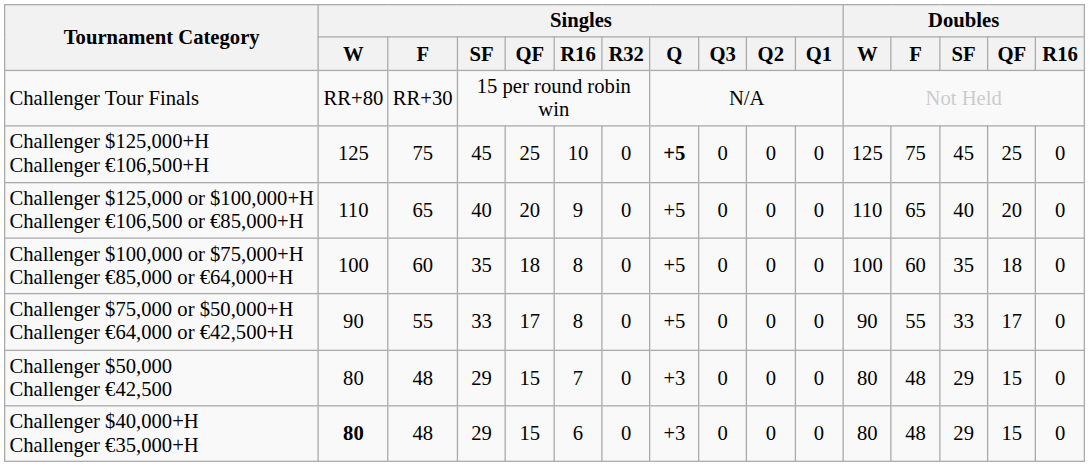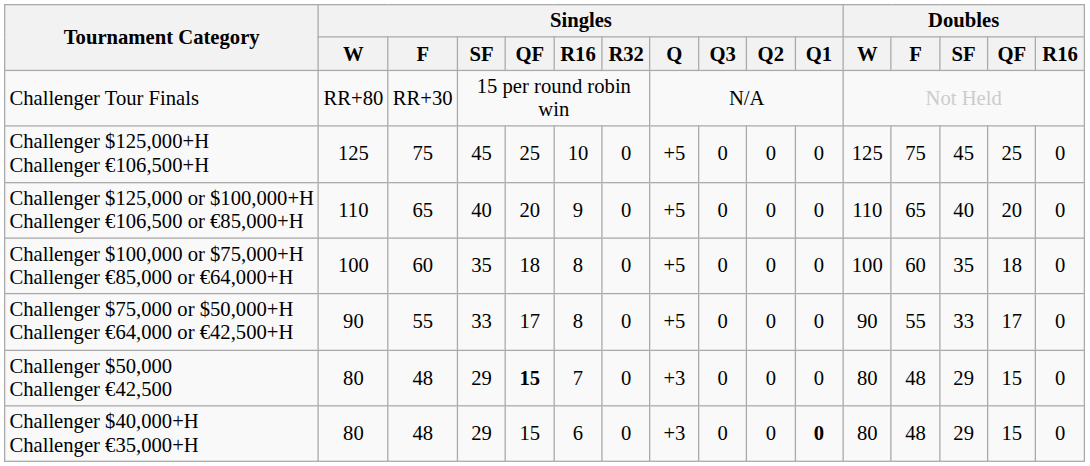 <table class="wikitable" style=text-align:center;>
 <tr>
 <th rowspan=2 align=center>Tournament Category</th>
 <th colspan=10 align=center>Singles</th>
 <th colspan=5 align=center>Doubles</th>
 </tr>
 <tr>
 <th !width=30>W</th>
 <th width=30>F</th>
 <th width=30>SF</th>
 <th width=30>QF</th>
 <th width=30>R16</th>
 <th width=30>R32</th>
 <th width=30>Q</th>
 <th width=30>Q3</th>
 <th width=30>Q2</th>
 <th width=30>Q1</th>
 <th width=30>W</th>
 <th width=30>F</th>
 <th width=30>SF</th>
 <th width=30>QF</th>
 <th width=30>R16</th>
 </tr>
 <tr>
 <td align=left>Challenger Tour Finals</td>
 <td>RR+80</td>
 <td>RR+30</td>
 <td colspan=4 align=center>15 per round robin win</td>
 <td colspan=4 align=center>N/A</td>
 <td colspan=5 align=center style=color:#ccc>Not Held</td>
 </tr>
 <tr>
 <td align=left>Challenger $125,000+H <br>Challenger €106,500+H</td>
 <td>125</td>
 <td>75</td>
 <td>45</td>
 <td>25</td>
 <td>10</td>
 <td>0</td>
-<td><strong>+5</strong></td>
+<td>+5</td>
 <td>0</td>
 <td>0</td>
 <td>0</td>
 <td>125</td>
 <td>75</td>
 <td>45</td>
 <td>25</td>
 <td>0</td>
 </tr>
 <tr>
 <td align=left>Challenger $125,000 or $100,000+H<br>Challenger €106,500 or €85,000+H</td>
 <td>110</td>
 <td>65</td>
 <td>40</td>
 <td>20</td>
 <td>9</td>
 <td>0</td>
 <td>+5</td>
 <td>0</td>
 <td>0</td>
 <td>0</td>
 <td>110</td>
 <td>65</td>
 <td>40</td>
 <td>20</td>
 <td>0</td>
 </tr>
 <tr>
 <td align=left>Challenger $100,000 or $75,000+H<br>Challenger €85,000 or €64,000+H</td>
 <td>100</td>
 <td>60</td>
 <td>35</td>
 <td>18</td>
 <td>8</td>
 <td>0</td>
 <td>+5</td>
 <td>0</td>
 <td>0</td>
 <td>0</td>
 <td>100</td>
 <td>60</td>
 <td>35</td>
 <td>18</td>
 <td>0</td>
 </tr>
 <tr>
 <td align=left>Challenger $75,000 or $50,000+H<br>Challenger €64,000 or €42,500+H</td>
 <td>90</td>
 <td>55</td>
 <td>33</td>
 <td>17</td>
 <td>8</td>
 <td>0</td>
 <td>+5</td>
 <td>0</td>
 <td>0</td>
 <td>0</td>
 <td>90</td>
 <td>55</td>
 <td>33</td>
 <td>17</td>
 <td>0</td>
 </tr>
 <tr>
 <td align=left>Challenger $50,000 <br>Challenger €42,500</td>
 <td>80</td>
 <td>48</td>
 <td>29</td>
-<td>15</td>
+<td><strong>15</strong></td>
 <td>7</td>
 <td>0</td>
 <td>+3</td>
 <td>0</td>
 <td>0</td>
 <td>0</td>
 <td>80</td>
 <td>48</td>
 <td>29</td>
 <td>15</td>
 <td>0</td>
 </tr>
 <tr>
 <td align=left>Challenger $40,000+H <br>Challenger €35,000+H</td>
-<td><strong>80</strong></td>
+<td>80</td>
 <td>48</td>
 <td>29</td>
 <td>15</td>
 <td>6</td>
 <td>0</td>
 <td>+3</td>
 <td>0</td>
 <td>0</td>
-<td>0</td>
+<td><strong>0</strong></td>
 <td>80</td>
 <td>48</td>
 <td>29</td>
 <td>15</td>
 <td>0</td>
 </tr>
 </table>
